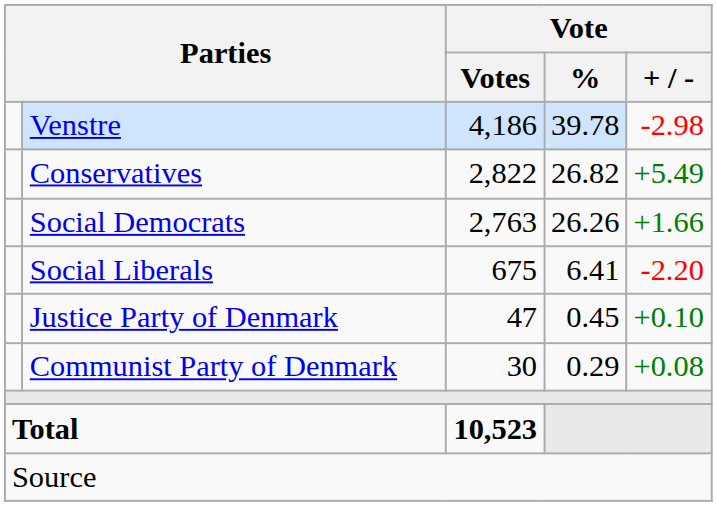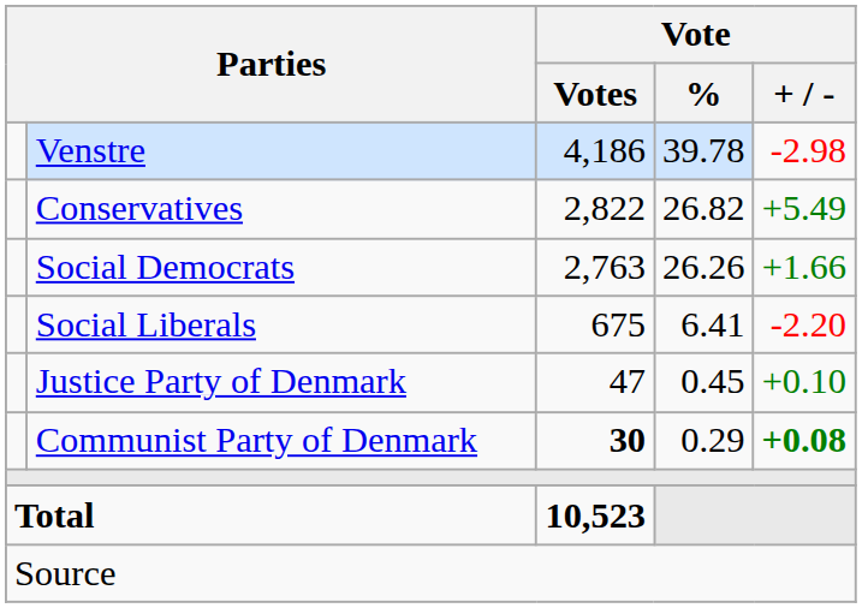 <table class="wikitable" style="text-align:right;">
 <tr>
 <th style="text-align:centre;" rowspan="2" colspan="2" width="225">Parties</th>
 <th colspan="3">Vote</th>
 </tr>
 <tr>
 <th width="15">Votes</th>
 <th width="15">%</th>
 <th width="15">+ / -</th>
 </tr>
 <tr>
 <td width="2" style="color:inherit;background:"></td>
 <td bgcolor=#cfe5fe  align="left"><a href='#'>Venstre</a></td>
 <td bgcolor=#cfe5fe>4,186</td>
 <td bgcolor=#cfe5fe>39.78</td>
 <td style=color:red;>-2.98</td>
 </tr>
 <tr>
 <td width="2" style="color:inherit;background:"></td>
 <td align="left"><a href='#'>Conservatives</a></td>
 <td>2,822</td>
 <td>26.82</td>
 <td style=color:green;>+5.49</td>
 </tr>
 <tr>
 <td width="2" style="color:inherit;background:"></td>
 <td align="left"><a href='#'>Social Democrats</a></td>
 <td>2,763</td>
 <td>26.26</td>
 <td style=color:green;>+1.66</td>
 </tr>
 <tr>
 <td width="2" style="color:inherit;background:"></td>
 <td align="left"><a href='#'>Social Liberals</a></td>
 <td>675</td>
 <td>6.41</td>
 <td style=color:red;>-2.20</td>
 </tr>
 <tr>
 <td width="2" style="color:inherit;background:"></td>
 <td align="left"><a href='#'>Justice Party of Denmark</a></td>
 <td>47</td>
 <td>0.45</td>
 <td style=color:green;>+0.10</td>
 </tr>
 <tr>
 <td width="2" style="color:inherit;background:"></td>
 <td align="left"><a href='#'>Communist Party of Denmark</a></td>
-<td>30</td>
+<td><strong>30</strong></td>
 <td>0.29</td>
-<td style=color:green;>+0.08</td>
+<td style=color:green;><strong>+0.08</strong></td>
 </tr>
 <tr>
 <td colspan="7" bgcolor="#E9E9E9"></td>
 </tr>
 <tr>
 <td align="left" colspan="2"><strong>Total</strong></td>
 <td><strong>10,523</strong></td>
 <td bgcolor="#E9E9E9" colspan="2"></td>
 </tr>
 <tr>
 <td align="left" colspan="6">Source</td>
 </tr>
 </table>
